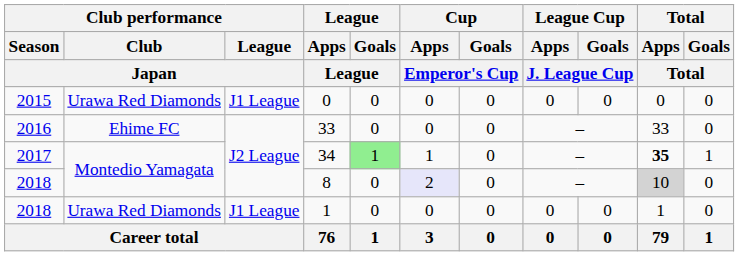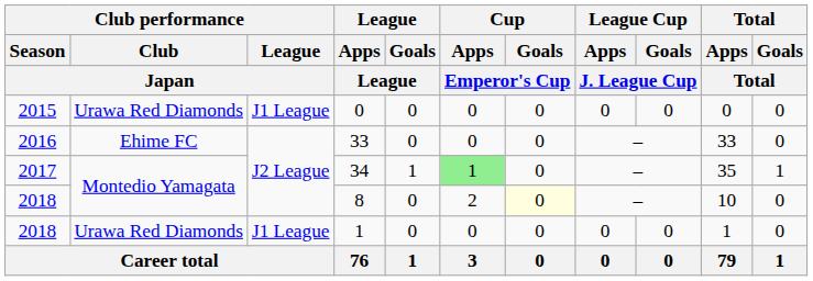 <table class="wikitable" style="text-align:center">
 <tr>
 <th colspan=3>Club performance</th>
 <th colspan=2>League</th>
 <th colspan=2>Cup</th>
 <th colspan=2>League Cup</th>
 <th colspan=2>Total</th>
 </tr>
 <tr>
 <th>Season</th>
 <th>Club</th>
 <th>League</th>
 <th>Apps</th>
 <th>Goals</th>
 <th>Apps</th>
 <th>Goals</th>
 <th>Apps</th>
 <th>Goals</th>
 <th>Apps</th>
 <th>Goals</th>
 </tr>
 <tr>
 <th colspan=3>Japan</th>
 <th colspan=2>League</th>
 <th colspan=2><a href='#'>Emperor's Cup</a></th>
 <th colspan=2><a href='#'>J. League Cup</a></th>
 <th colspan=2>Total</th>
 </tr>
 <tr>
 <td><a href='#'>2015</a></td>
 <td><a href='#'>Urawa Red Diamonds</a></td>
 <td rowspan="1"><a href='#'>J1 League</a></td>
 <td>0</td>
 <td>0</td>
 <td>0</td>
 <td>0</td>
 <td>0</td>
 <td>0</td>
 <td>0</td>
 <td>0</td>
 </tr>
 <tr>
 <td><a href='#'>2016</a></td>
 <td><a href='#'>Ehime FC</a></td>
 <td rowspan="3"><a href='#'>J2 League</a></td>
 <td>33</td>
 <td>0</td>
 <td>0</td>
 <td>0</td>
 <td colspan="2">–</td>
 <td>33</td>
 <td>0</td>
 </tr>
 <tr>
 <td><a href='#'>2017</a></td>
 <td rowspan="2"><a href='#'>Montedio Yamagata</a></td>
 <td>34</td>
+<td>1</td>
 <td style="background: lightgreen;">1</td>
-<td>1</td>
 <td>0</td>
 <td colspan="2">–</td>
-<td><strong>35</strong></td>
+<td>35</td>
 <td>1</td>
 </tr>
 <tr>
 <td><a href='#'>2018</a></td>
 <td>8</td>
 <td>0</td>
-<td style="background: lavender;">2</td>
-<td>0</td>
+<td>2</td>
+<td style="background: lightyellow;">0</td>
 <td colspan="2">–</td>
-<td style="background: lightgrey;">10</td>
+<td>10</td>
 <td>0</td>
 </tr>
 <tr>
 <td><a href='#'>2018</a></td>
 <td rowspan=1><a href='#'>Urawa Red Diamonds</a></td>
 <td rowspan="1"><a href='#'>J1 League</a></td>
 <td>1</td>
 <td>0</td>
 <td>0</td>
 <td>0</td>
 <td>0</td>
 <td>0</td>
 <td>1</td>
 <td>0</td>
 </tr>
 <tr>
 <th colspan=3>Career total</th>
 <th>76</th>
 <th>1</th>
 <th>3</th>
 <th>0</th>
 <th>0</th>
 <th>0</th>
 <th>79</th>
 <th>1</th>
 </tr>
 </table>
